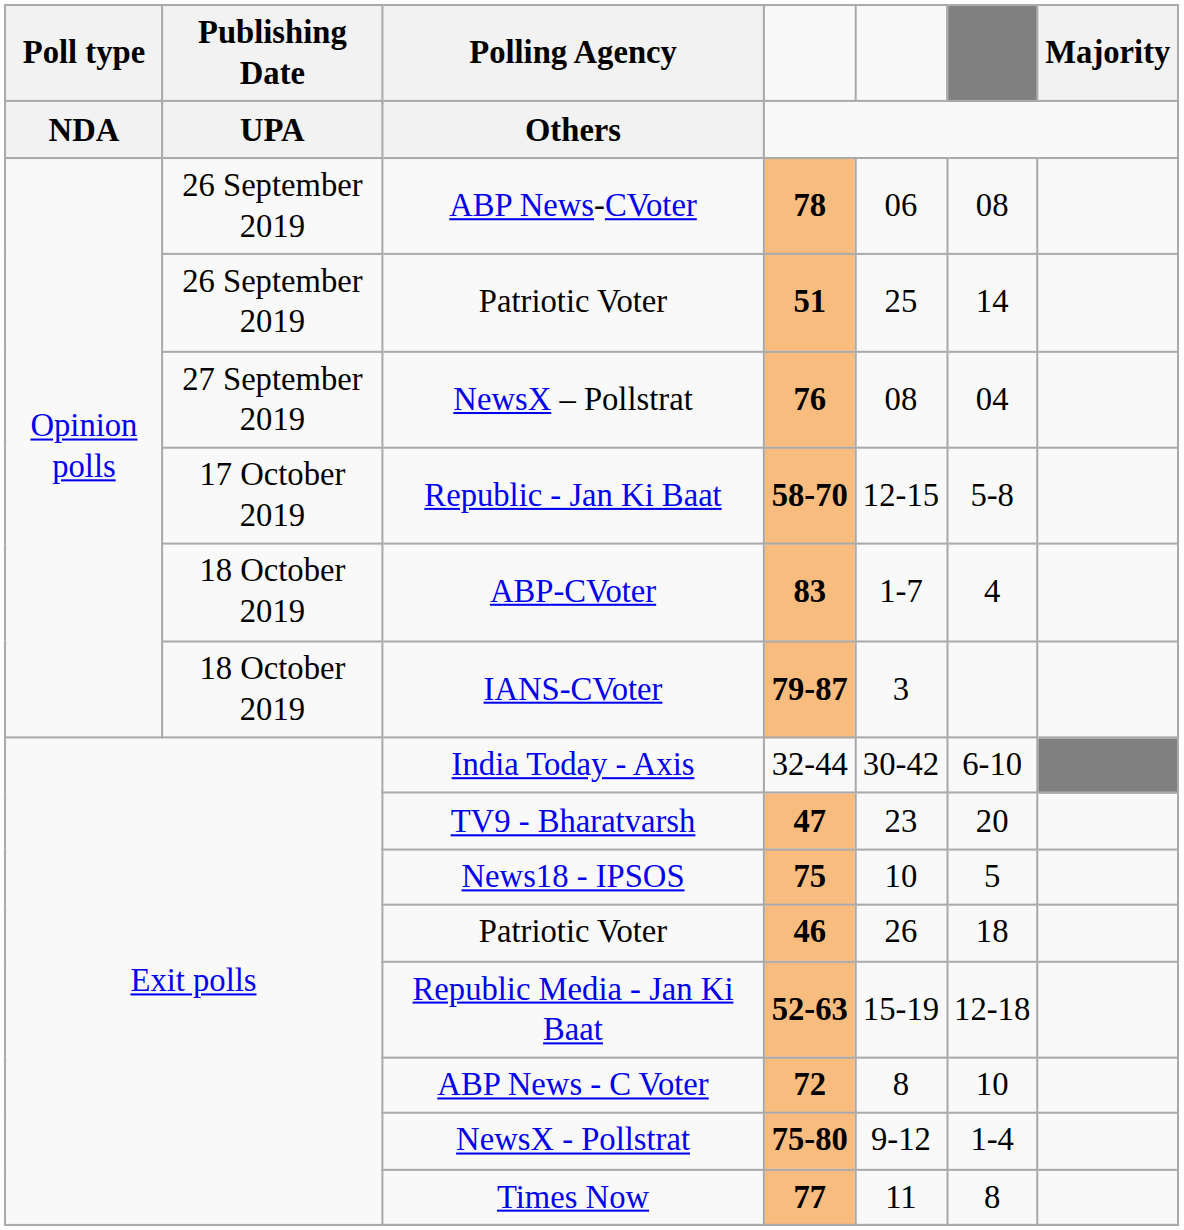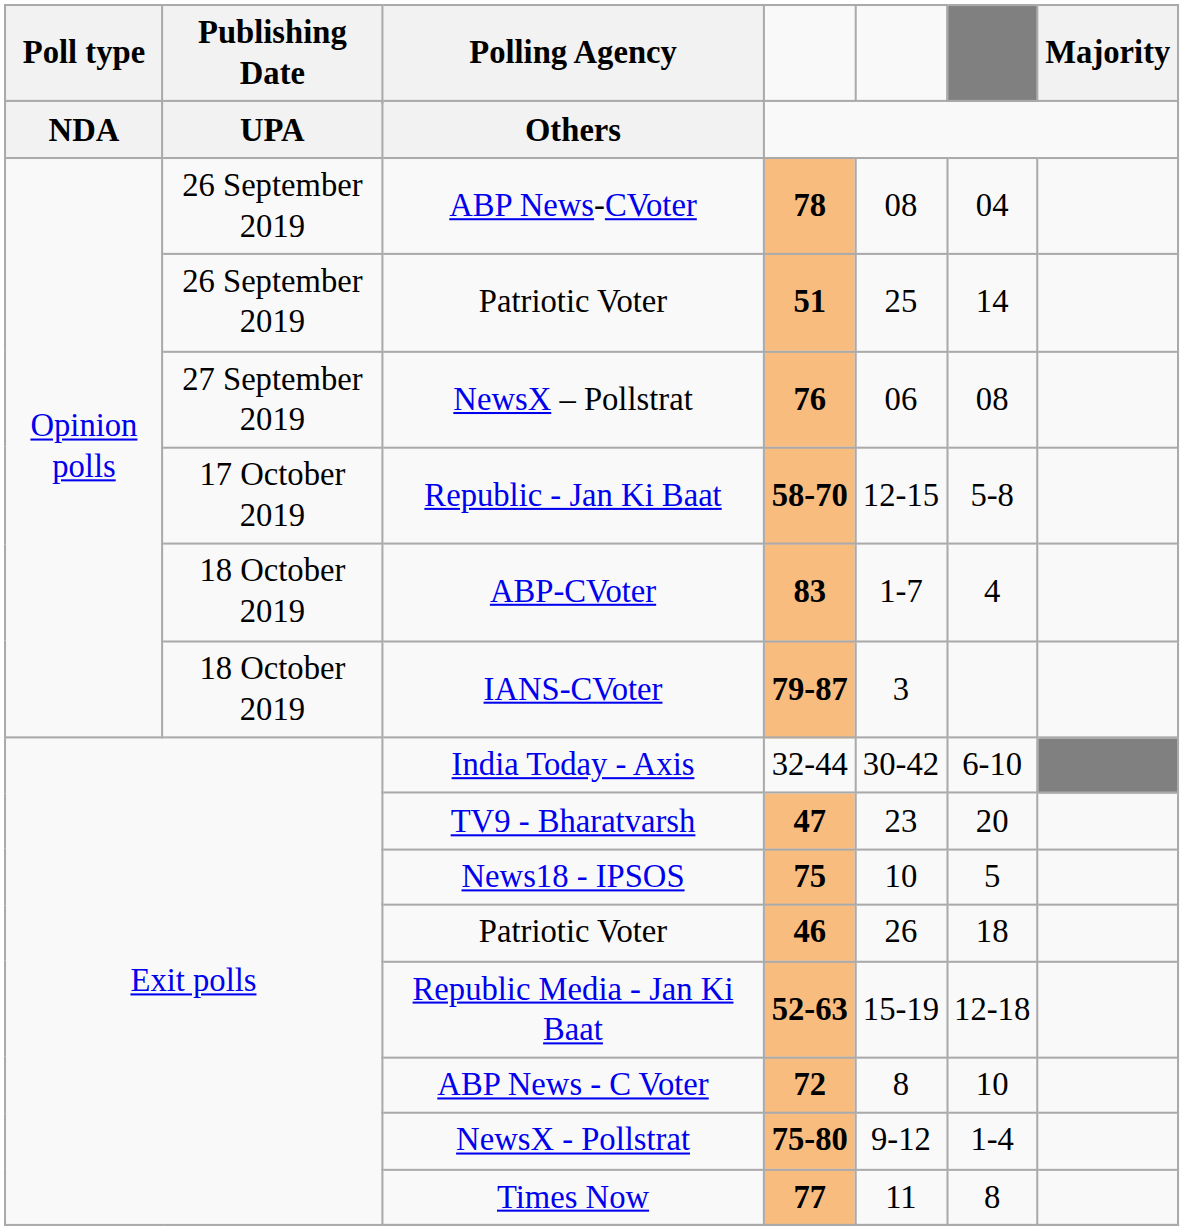 <table class="wikitable" style="text-align:center;font-size:100%;line-height:20px;">
 <tr>
 <th rowspan="2">Poll type</th>
 <th class="wikitable" rowspan="2" style="width:100px;">Publishing Date</th>
 <th rowspan="2" class="wikitable" style="width:180px;">Polling Agency</th>
 <td></td>
 <td></td>
 <td style="background:gray;"></td>
 <th rowspan="2" class="wikitable">Majority</th>
 </tr>
 <tr>
 </tr>
 <tr>
 <th class="wikitable" style="width:70px;">NDA</th>
 <th class="wikitable" style="width:70px;">UPA</th>
 <th class="wikitable" style="width:70px;">Others</th>
 </tr>
 <tr>
 <td rowspan="6"><a href='#'>Opinion polls</a></td>
 <td>26 September 2019</td>
 <td><a href='#'>ABP News</a>-<a href='#'>CVoter</a></td>
 <td style="background:#F9BC7F"><strong>78</strong></td>
-<td>06</td>
 <td>08</td>
+<td>04</td>
 <td style="background:"></td>
 </tr>
 <tr>
 <td>26 September 2019</td>
 <td>Patriotic Voter </td>
 <td style="background:#F9BC7F"><strong>51</strong></td>
 <td>25</td>
 <td>14</td>
 <td style="background:"></td>
 </tr>
 <tr>
 <td>27 September 2019</td>
 <td><a href='#'>NewsX</a> – Pollstrat</td>
 <td style="background:#F9BC7F"><strong>76</strong></td>
+<td>06</td>
 <td>08</td>
-<td>04</td>
 <td style="background:"></td>
 </tr>
 <tr>
 <td>17 October 2019</td>
 <td><a href='#'>Republic - Jan Ki Baat</a></td>
 <td style="background:#F9BC7F"><strong>58-70</strong></td>
 <td>12-15</td>
 <td>5-8</td>
 <td style="background:"></td>
 </tr>
 <tr>
 <td>18 October 2019</td>
 <td><a href='#'>ABP-CVoter</a></td>
 <td style="background:#F9BC7F"><strong>83</strong></td>
 <td>1-7</td>
 <td>4</td>
 <td style="background:"></td>
 </tr>
 <tr>
 <td>18 October 2019</td>
 <td><a href='#'>IANS-CVoter</a></td>
 <td style="background:#F9BC7F"><strong>79-87</strong></td>
 <td>3</td>
 <td></td>
 <td style="background:"></td>
 </tr>
 <tr>
 <td colspan="2" rowspan="15"><a href='#'>Exit polls</a></td>
 <td><a href='#'>India Today - Axis</a></td>
 <td>32-44</td>
 <td>30-42</td>
 <td>6-10</td>
 <td style="background: grey; color:white"></td>
 </tr>
 <tr>
 <td><a href='#'>TV9 - Bharatvarsh</a></td>
 <td style="background:#F9BC7F"><strong>47</strong></td>
 <td>23</td>
 <td>20</td>
 <td style="background:"></td>
 </tr>
 <tr>
 <td><a href='#'>News18 - IPSOS</a></td>
 <td style="background:#F9BC7F"><strong>75</strong></td>
 <td>10</td>
 <td>5</td>
 <td style="background:"></td>
 </tr>
 <tr>
 <td>Patriotic Voter  </td>
 <td style="background:#F9BC7F"><strong>46</strong></td>
 <td>26</td>
 <td>18</td>
 <td style="background:"></td>
 </tr>
 <tr>
 <td><a href='#'>Republic Media - Jan Ki Baat</a></td>
 <td style="background:#F9BC7F"><strong>52-63</strong></td>
 <td>15-19</td>
 <td>12-18</td>
 <td style="background:"></td>
 </tr>
 <tr>
 <td><a href='#'>ABP News - C Voter</a></td>
 <td style="background:#F9BC7F"><strong>72</strong></td>
 <td>8</td>
 <td>10</td>
 <td style="background:"></td>
 </tr>
 <tr>
 <td><a href='#'>NewsX - Pollstrat</a></td>
 <td style="background:#F9BC7F"><strong>75-80</strong></td>
 <td>9-12</td>
 <td>1-4</td>
 <td style="background:"></td>
 </tr>
 <tr>
 <td><a href='#'>Times Now</a></td>
 <td style="background:#F9BC7F"><strong>77</strong></td>
 <td>11</td>
 <td>8</td>
 <td style="background:"></td>
 </tr>
 <tr>
 </tr>
 </table>
